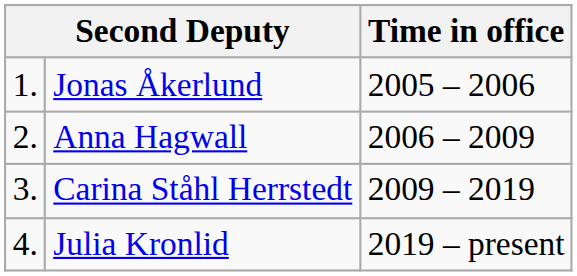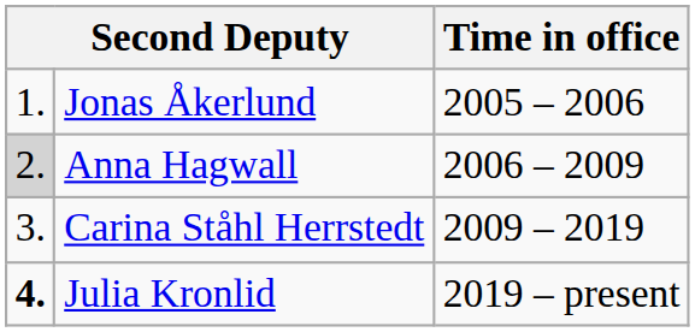 <table class="wikitable">
 <tr>
 <th colspan="2">Second Deputy</th>
 <th>Time in office</th>
 </tr>
 <tr>
 <td>1.</td>
 <td><a href='#'>Jonas Åkerlund</a></td>
 <td>2005 – 2006</td>
 </tr>
 <tr>
-<td>2.</td>
+<td style="background: lightgrey;">2.</td>
 <td><a href='#'>Anna Hagwall</a></td>
 <td>2006 – 2009</td>
 </tr>
 <tr>
 <td>3.</td>
 <td><a href='#'>Carina Ståhl Herrstedt</a></td>
 <td>2009 – 2019</td>
 </tr>
 <tr>
-<td>4.</td>
+<td><strong>4.</strong></td>
 <td><a href='#'>Julia Kronlid</a></td>
 <td>2019 – present</td>
 </tr>
 </table>
